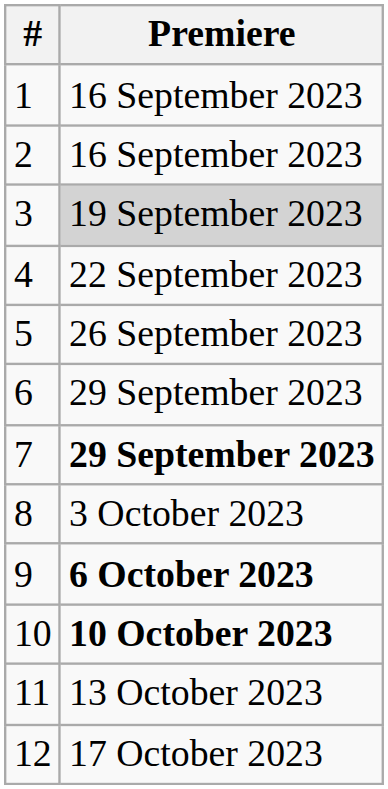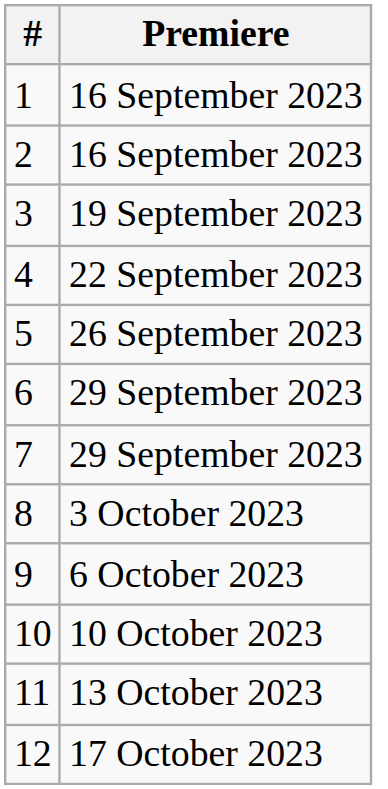 <table class="wikitable">
 <tr>
 <th>#</th>
 <th>Premiere</th>
 </tr>
 <tr>
 <td>1</td>
 <td>16 September 2023</td>
 </tr>
 <tr>
 <td>2</td>
 <td>16 September 2023</td>
 </tr>
 <tr>
 <td>3</td>
-<td style="background: lightgrey;">19 September 2023</td>
+<td>19 September 2023</td>
 </tr>
 <tr>
 <td>4</td>
 <td>22 September 2023</td>
 </tr>
 <tr>
 <td>5</td>
 <td>26 September 2023</td>
 </tr>
 <tr>
 <td>6</td>
 <td>29 September 2023</td>
 </tr>
 <tr>
 <td>7</td>
-<td><strong>29 September 2023</strong></td>
+<td>29 September 2023</td>
 </tr>
 <tr>
 <td>8</td>
 <td>3 October 2023</td>
 </tr>
 <tr>
 <td>9</td>
-<td><strong>6 October 2023</strong></td>
+<td>6 October 2023</td>
 </tr>
 <tr>
 <td>10</td>
-<td><strong>10 October 2023</strong></td>
+<td>10 October 2023</td>
 </tr>
 <tr>
 <td>11</td>
 <td>13 October 2023</td>
 </tr>
 <tr>
 <td>12</td>
 <td>17 October 2023</td>
 </tr>
 </table>
